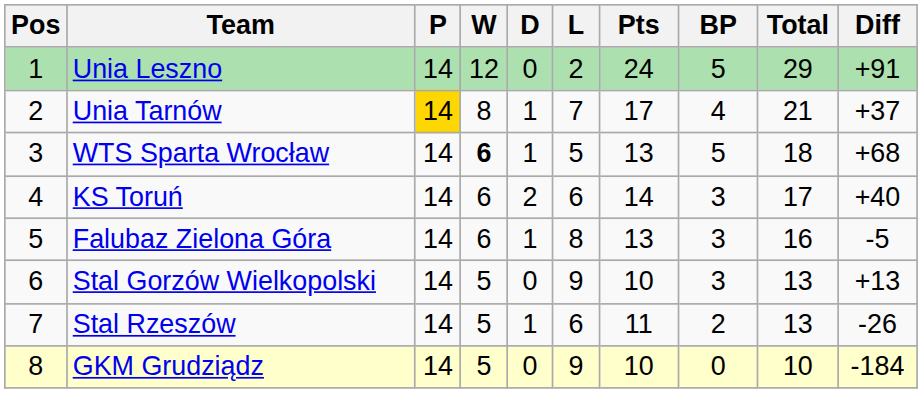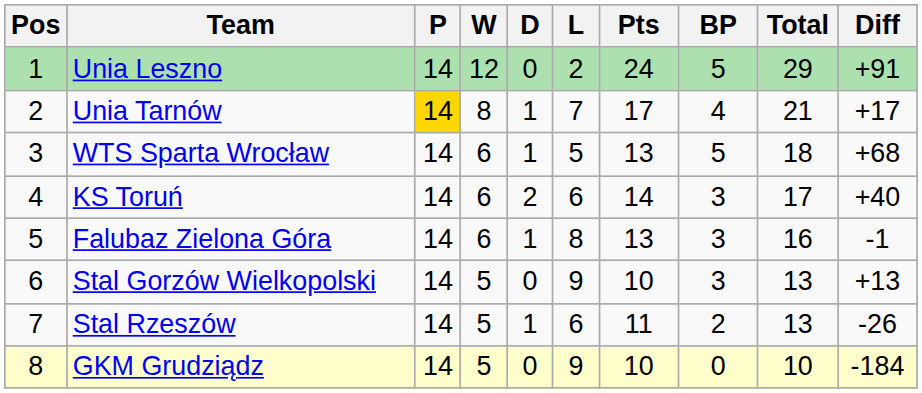 <table class="wikitable" style="font-size: 100%">
 <tr>
 <th width=20>Pos</th>
 <th width=200>Team</th>
 <th width=20>P</th>
 <th width=20>W</th>
 <th width=20>D</th>
 <th width=20>L</th>
 <th width=40>Pts</th>
 <th width=40>BP</th>
 <th width=40>Total</th>
 <th width=40>Diff</th>
 </tr>
 <tr align=center style="background:#ACE1AF;">
 <td>1</td>
 <td align="left"><a href='#'>Unia Leszno</a></td>
 <td>14</td>
 <td>12</td>
 <td>0</td>
 <td>2</td>
 <td>24</td>
 <td>5</td>
 <td>29</td>
 <td>+91</td>
 </tr>
 <tr align=center>
 <td>2</td>
 <td align="left"><a href='#'>Unia Tarnów</a></td>
 <td style="background: gold;">14</td>
 <td>8</td>
 <td>1</td>
 <td>7</td>
 <td>17</td>
 <td>4</td>
 <td>21</td>
-<td>+37</td>
+<td>+17</td>
 </tr>
 <tr align=center>
 <td>3</td>
 <td align="left"><a href='#'>WTS Sparta Wrocław</a></td>
 <td>14</td>
-<td><strong>6</strong></td>
+<td>6</td>
 <td>1</td>
 <td>5</td>
 <td>13</td>
 <td>5</td>
 <td>18</td>
 <td>+68</td>
 </tr>
 <tr align=center>
 <td>4</td>
 <td align="left"><a href='#'>KS Toruń</a></td>
 <td>14</td>
 <td>6</td>
 <td>2</td>
 <td>6</td>
 <td>14</td>
 <td>3</td>
 <td>17</td>
 <td>+40</td>
 </tr>
 <tr align=center>
 <td>5</td>
 <td align="left"><a href='#'>Falubaz Zielona Góra</a></td>
 <td>14</td>
 <td>6</td>
 <td>1</td>
 <td>8</td>
 <td>13</td>
 <td>3</td>
 <td>16</td>
-<td>-5</td>
+<td>-1</td>
 </tr>
 <tr align=center>
 <td>6</td>
 <td align="left"><a href='#'>Stal Gorzów Wielkopolski</a></td>
 <td>14</td>
 <td>5</td>
 <td>0</td>
 <td>9</td>
 <td>10</td>
 <td>3</td>
 <td>13</td>
 <td>+13</td>
 </tr>
 <tr align=center>
 <td>7</td>
 <td align="left"><a href='#'>Stal Rzeszów</a></td>
 <td>14</td>
 <td>5</td>
 <td>1</td>
 <td>6</td>
 <td>11</td>
 <td>2</td>
 <td>13</td>
 <td>-26</td>
 </tr>
 <tr align=center style="background: #ffffcc;">
 <td>8</td>
 <td align="left"><a href='#'>GKM Grudziądz</a></td>
 <td>14</td>
 <td>5</td>
 <td>0</td>
 <td>9</td>
 <td>10</td>
 <td>0</td>
 <td>10</td>
 <td>-184</td>
 </tr>
 </table>
